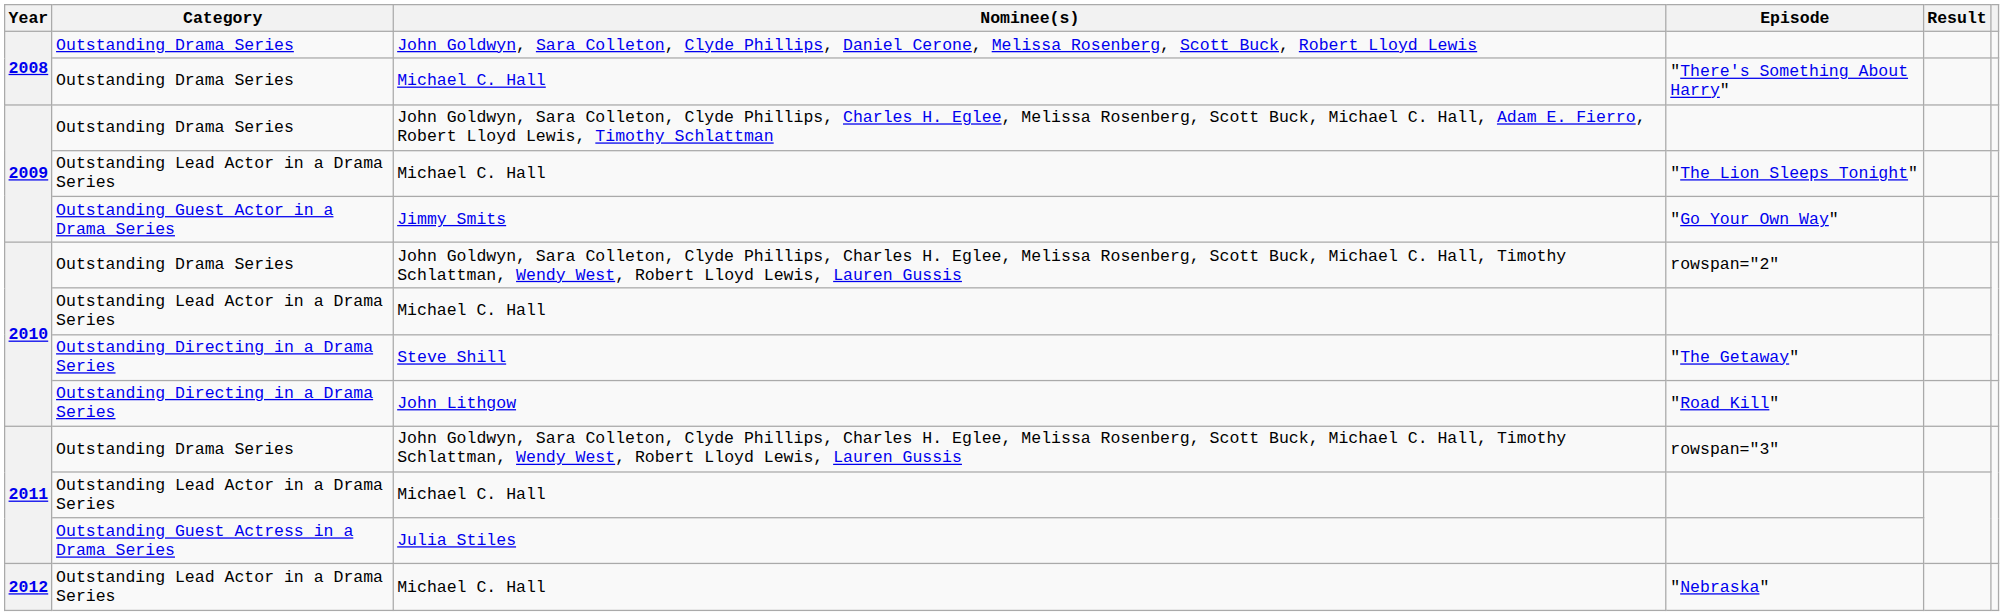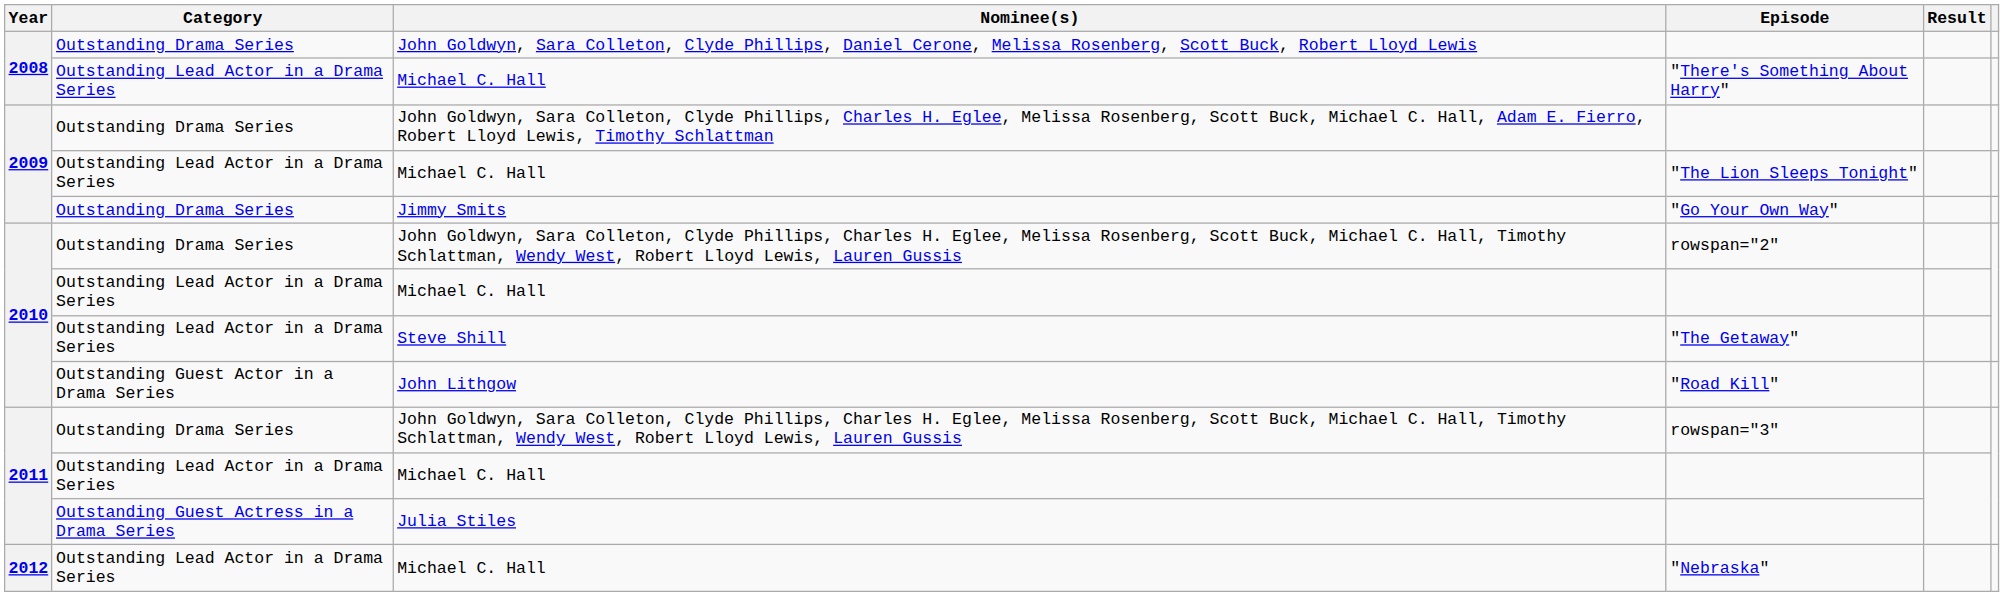 <table class="wikitable sortable plainrowheaders">
 <tr>
 <th scope=col>Year</th>
 <th scope=col>Category</th>
 <th scope=col>Nominee(s)</th>
 <th scope=col>Episode</th>
 <th scope=col>Result</th>
 <th scope="col" class="unsortable"></th>
 </tr>
 <tr>
 <th scope=rowgroup rowspan=2><a href='#'>2008</a></th>
 <td><a href='#'>Outstanding Drama Series</a></td>
 <td data-sort-value="Goldwyn, John"><a href='#'>John Goldwyn</a>, <a href='#'>Sara Colleton</a>, <a href='#'>Clyde Phillips</a>, <a href='#'>Daniel Cerone</a>, <a href='#'>Melissa Rosenberg</a>, <a href='#'>Scott Buck</a>, <a href='#'>Robert Lloyd Lewis</a></td>
 <td></td>
 <td></td>
 <td></td>
 </tr>
 <tr>
-<td>Outstanding Drama Series</td>
+<td><a href='#'>Outstanding Lead Actor in a Drama Series</a></td>
 <td data-sort-value="Hall, Michael C."><a href='#'>Michael C. Hall</a></td>
 <td>"<a href='#'>There's Something About Harry</a>"</td>
 <td></td>
 <td></td>
 </tr>
 <tr>
 <th scope=rowgroup rowspan=3><a href='#'>2009</a></th>
 <td>Outstanding Drama Series</td>
 <td data-sort-value="Goldwyn, John">John Goldwyn, Sara Colleton, Clyde Phillips, <a href='#'>Charles H. Eglee</a>, Melissa Rosenberg, Scott Buck, Michael C. Hall, <a href='#'>Adam E. Fierro</a>, Robert Lloyd Lewis, <a href='#'>Timothy Schlattman</a></td>
 <td></td>
 <td></td>
 <td></td>
 </tr>
 <tr>
 <td>Outstanding Lead Actor in a Drama Series</td>
 <td data-sort-value="Hall, Michael C.">Michael C. Hall</td>
 <td data-sort-value="Lion Sleeps Tjoonight, The">"<a href='#'>The Lion Sleeps Tonight</a>"</td>
 <td></td>
 <td></td>
 </tr>
 <tr>
-<td><a href='#'>Outstanding Guest Actor in a Drama Series</a></td>
+<td><a href='#'>Outstanding Drama Series</a></td>
 <td data-sort-value="Smits, Jimmy"><a href='#'>Jimmy Smits</a></td>
 <td>"<a href='#'>Go Your Own Way</a>"</td>
 <td></td>
 <td></td>
 </tr>
 <tr>
 <th scope=rowgroup rowspan=4><a href='#'>2010</a></th>
 <td>Outstanding Drama Series</td>
 <td data-sort-value="Goldwyn, John">John Goldwyn, Sara Colleton, Clyde Phillips, Charles H. Eglee, Melissa Rosenberg, Scott Buck, Michael C. Hall, Timothy Schlattman, <a href='#'>Wendy West</a>, Robert Lloyd Lewis, <a href='#'>Lauren Gussis</a></td>
 <td>rowspan="2" </td>
 <td></td>
 <td rowspan="3"></td>
 </tr>
 <tr>
 <td>Outstanding Lead Actor in a Drama Series</td>
 <td data-sort-value="Hall, Michael C.">Michael C. Hall</td>
 <td></td>
 </tr>
 <tr>
-<td><a href='#'>Outstanding Directing in a Drama Series</a></td>
+<td>Outstanding Lead Actor in a Drama Series</td>
 <td data-sort-value="Shill, Steve"><a href='#'>Steve Shill</a></td>
 <td data-sort-value="Getaway, The">"<a href='#'>The Getaway</a>"</td>
 <td></td>
 </tr>
 <tr>
-<td><a href='#'>Outstanding Directing in a Drama Series</a></td>
+<td>Outstanding Guest Actor in a Drama Series</td>
 <td data-sort-value="Lithgow, John"><a href='#'>John Lithgow</a></td>
 <td>"<a href='#'>Road Kill</a>"</td>
 <td></td>
 <td></td>
 </tr>
 <tr>
 <th scope=rowgroup rowspan=3><a href='#'>2011</a></th>
 <td>Outstanding Drama Series</td>
 <td data-sort-value="Goldwyn, John">John Goldwyn, Sara Colleton, Clyde Phillips, Charles H. Eglee, Melissa Rosenberg, Scott Buck, Michael C. Hall, Timothy Schlattman, <a href='#'>Wendy West</a>, Robert Lloyd Lewis, <a href='#'>Lauren Gussis</a></td>
 <td>rowspan="3" </td>
 <td></td>
 <td rowspan="3"></td>
 </tr>
 <tr>
 <td>Outstanding Lead Actor in a Drama Series</td>
 <td data-sort-value="Hall, Michael C.">Michael C. Hall</td>
 <td></td>
 </tr>
 <tr>
 <td><a href='#'>Outstanding Guest Actress in a Drama Series</a></td>
 <td data-sort-value="Stiles, Julia"><a href='#'>Julia Stiles</a></td>
 <td></td>
 </tr>
 <tr>
 <th scope=row><a href='#'>2012</a></th>
 <td>Outstanding Lead Actor in a Drama Series</td>
 <td data-sort-value="Hall, Michael C.">Michael C. Hall</td>
 <td>"<a href='#'>Nebraska</a>"</td>
 <td></td>
 <td></td>
 </tr>
 </table>
